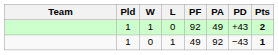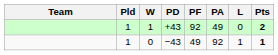 <table class=wikitable style="text-align:center">
 <tr>
 <th width=180>Team</th>
 <th width=30>Pld</th>
 <th width=30>W</th>
-<th width=30>L</th>
+<th width=30>PD</th>
 <th width=30>PF</th>
 <th width=30>PA</th>
-<th width=30>PD</th>
+<th width=30>L</th>
 <th width=30>Pts</th>
 </tr>
 <tr bgcolor="#ccffcc">
 <td align="left"></td>
 <td>1</td>
 <td>1</td>
-<td>0</td>
+<td>+43</td>
 <td>92</td>
 <td>49</td>
-<td>+43</td>
+<td>0</td>
 <td><strong>2</strong></td>
 </tr>
 <tr>
 <td align="left"></td>
 <td>1</td>
 <td>0</td>
-<td>1</td>
+<td>−43</td>
 <td>49</td>
 <td>92</td>
-<td>−43</td>
+<td>1</td>
 <td><strong>1</strong></td>
 </tr>
 </table>
